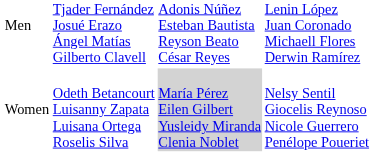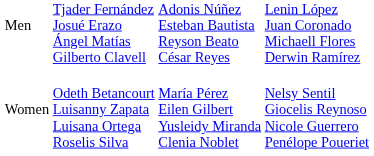 <table>
 <tr>
 <td>Men</td>
 <td><br><a href='#'>Tjader Fernández</a><br><a href='#'>Josué Erazo</a><br><a href='#'>Ángel Matías</a><br><a href='#'>Gilberto Clavell</a></td>
 <td><br><a href='#'>Adonis Núñez</a><br><a href='#'>Esteban Bautista</a><br><a href='#'>Reyson Beato</a><br><a href='#'>César Reyes</a></td>
 <td><br><a href='#'>Lenin López</a><br><a href='#'>Juan Coronado</a><br><a href='#'>Michaell Flores</a><br><a href='#'>Derwin Ramírez</a></td>
 </tr>
 <tr>
 <td>Women</td>
 <td><br><a href='#'>Odeth Betancourt</a><br><a href='#'>Luisanny Zapata</a><br><a href='#'>Luisana Ortega</a><br><a href='#'>Roselis Silva</a></td>
-<td style="background: lightgrey;"><br><a href='#'>María Pérez</a><br><a href='#'>Eilen Gilbert</a><br><a href='#'>Yusleidy Miranda</a><br><a href='#'>Clenia Noblet</a></td>
+<td><br><a href='#'>María Pérez</a><br><a href='#'>Eilen Gilbert</a><br><a href='#'>Yusleidy Miranda</a><br><a href='#'>Clenia Noblet</a></td>
 <td><br><a href='#'>Nelsy Sentil</a><br><a href='#'>Giocelis Reynoso</a><br><a href='#'>Nicole Guerrero</a><br><a href='#'>Penélope Poueriet</a></td>
 </tr>
 </table>
